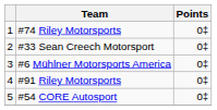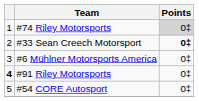 <table class="wikitable" style="font-size: 95%;">
 <tr>
 <th scope="col"></th>
 <th scope="col">Team</th>
 <th scope="col">Points</th>
 </tr>
 <tr>
 <td align=center>1</td>
 <td> #74 <a href='#'>Riley Motorsports</a></td>
-<td align=right>0‡</td>
+<td align=right style="background: lightgrey;">0‡</td>
 </tr>
 <tr>
 <td align=center>2</td>
 <td> #33 Sean Creech Motorsport</td>
-<td align=right>0‡</td>
+<td align=right><strong>0‡</strong></td>
 </tr>
 <tr>
 <td align=center>3</td>
 <td> #6 <a href='#'>Mühlner Motorsports America</a></td>
 <td align=right>0‡</td>
 </tr>
 <tr>
-<td align=center>4</td>
+<td align=center><strong>4</strong></td>
 <td> #91 <a href='#'>Riley Motorsports</a></td>
 <td align=right>0‡</td>
 </tr>
 <tr>
 <td align=center>5</td>
 <td> #54 <a href='#'>CORE Autosport</a></td>
 <td align=right>0‡</td>
 </tr>
 <tr>
 </tr>
 </table>
